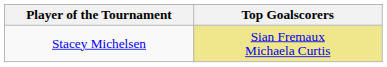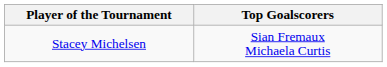 <table class=wikitable style="margin:auto; text-align:center">
 <tr>
 <th style="width: 220px;">Player of the Tournament</th>
 <th style="width: 220px;">Top Goalscorers</th>
 </tr>
 <tr>
 <td> <a href='#'>Stacey Michelsen</a></td>
-<td style="background: khaki;"> <a href='#'>Sian Fremaux</a><br> <a href='#'>Michaela Curtis</a></td>
+<td> <a href='#'>Sian Fremaux</a><br> <a href='#'>Michaela Curtis</a></td>
 </tr>
 </table>
